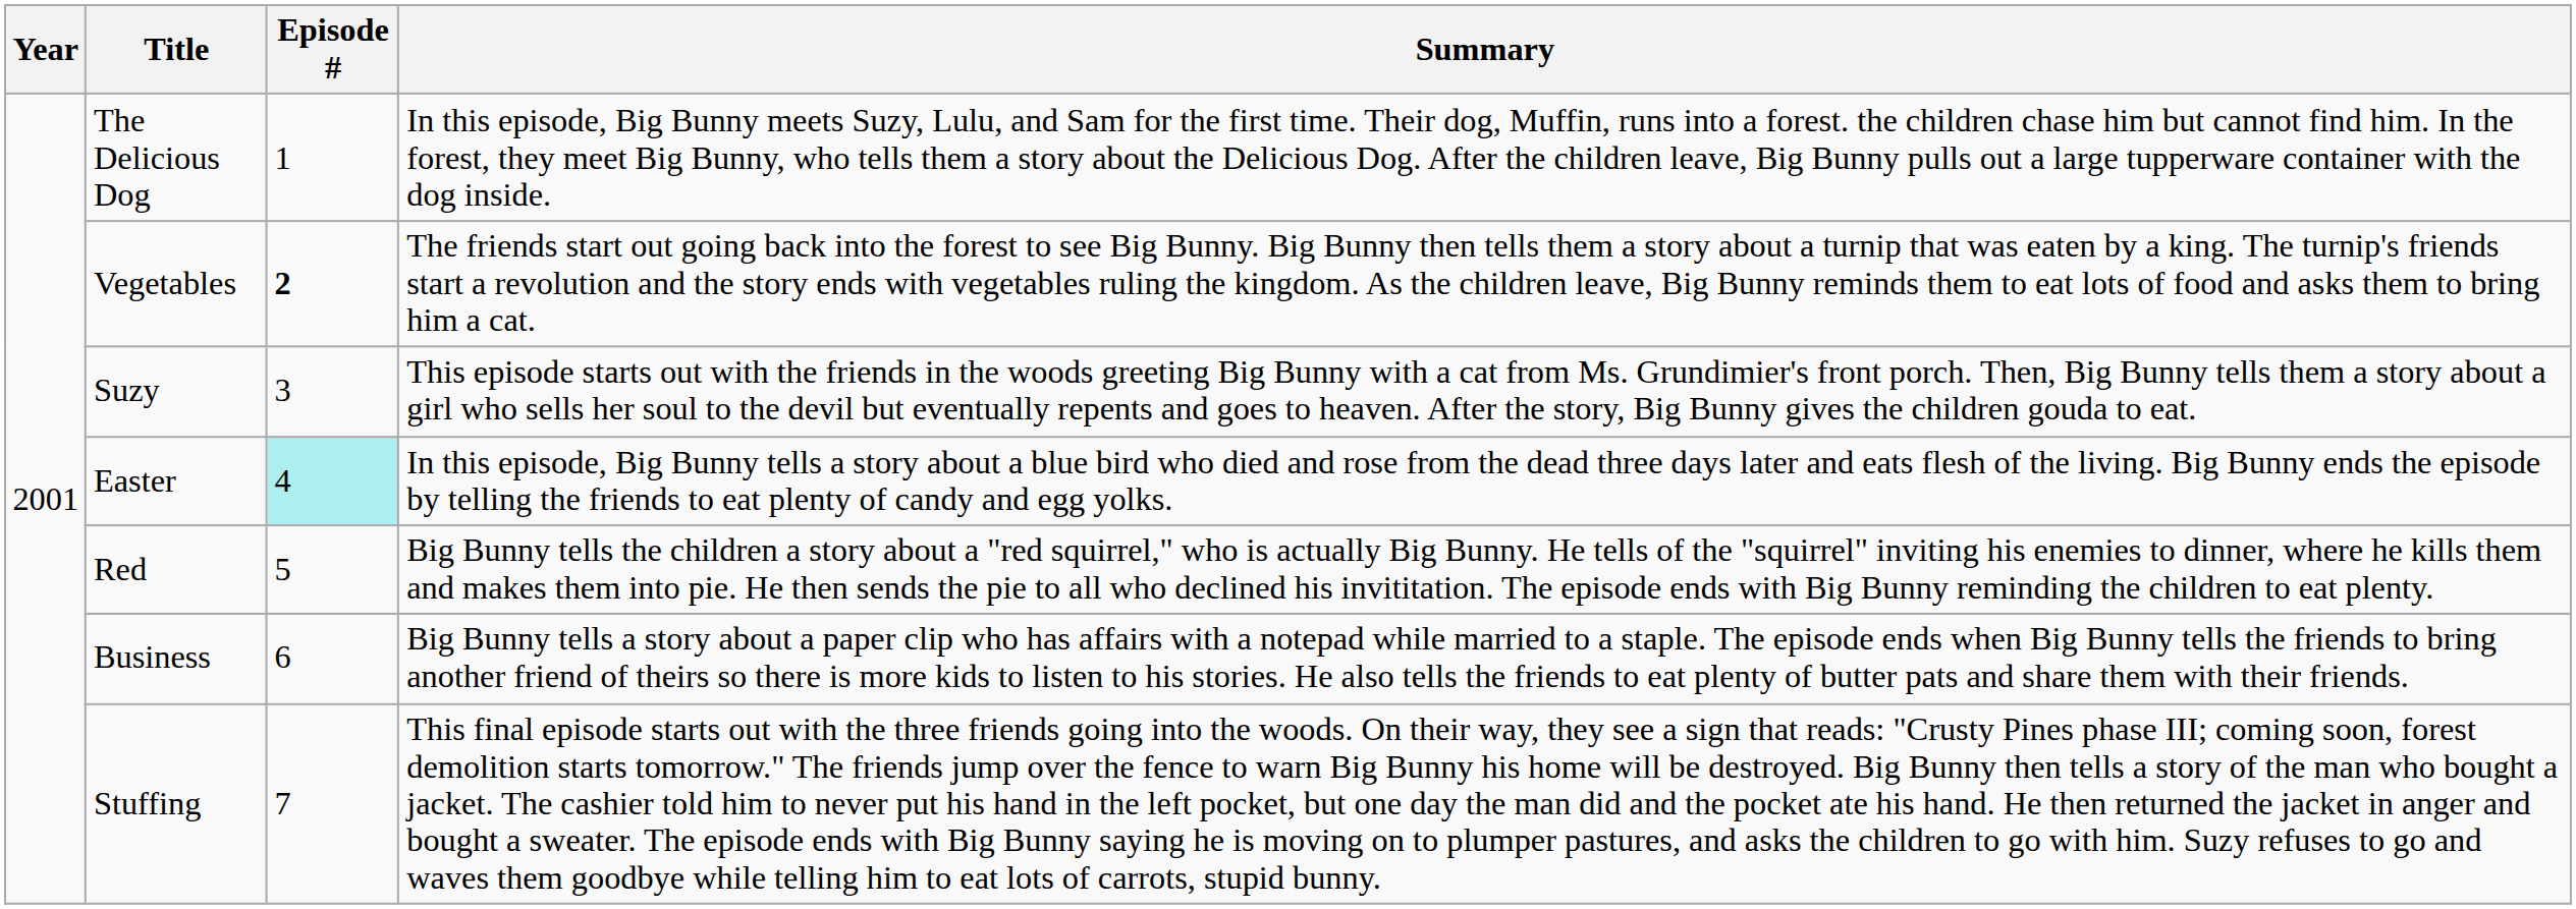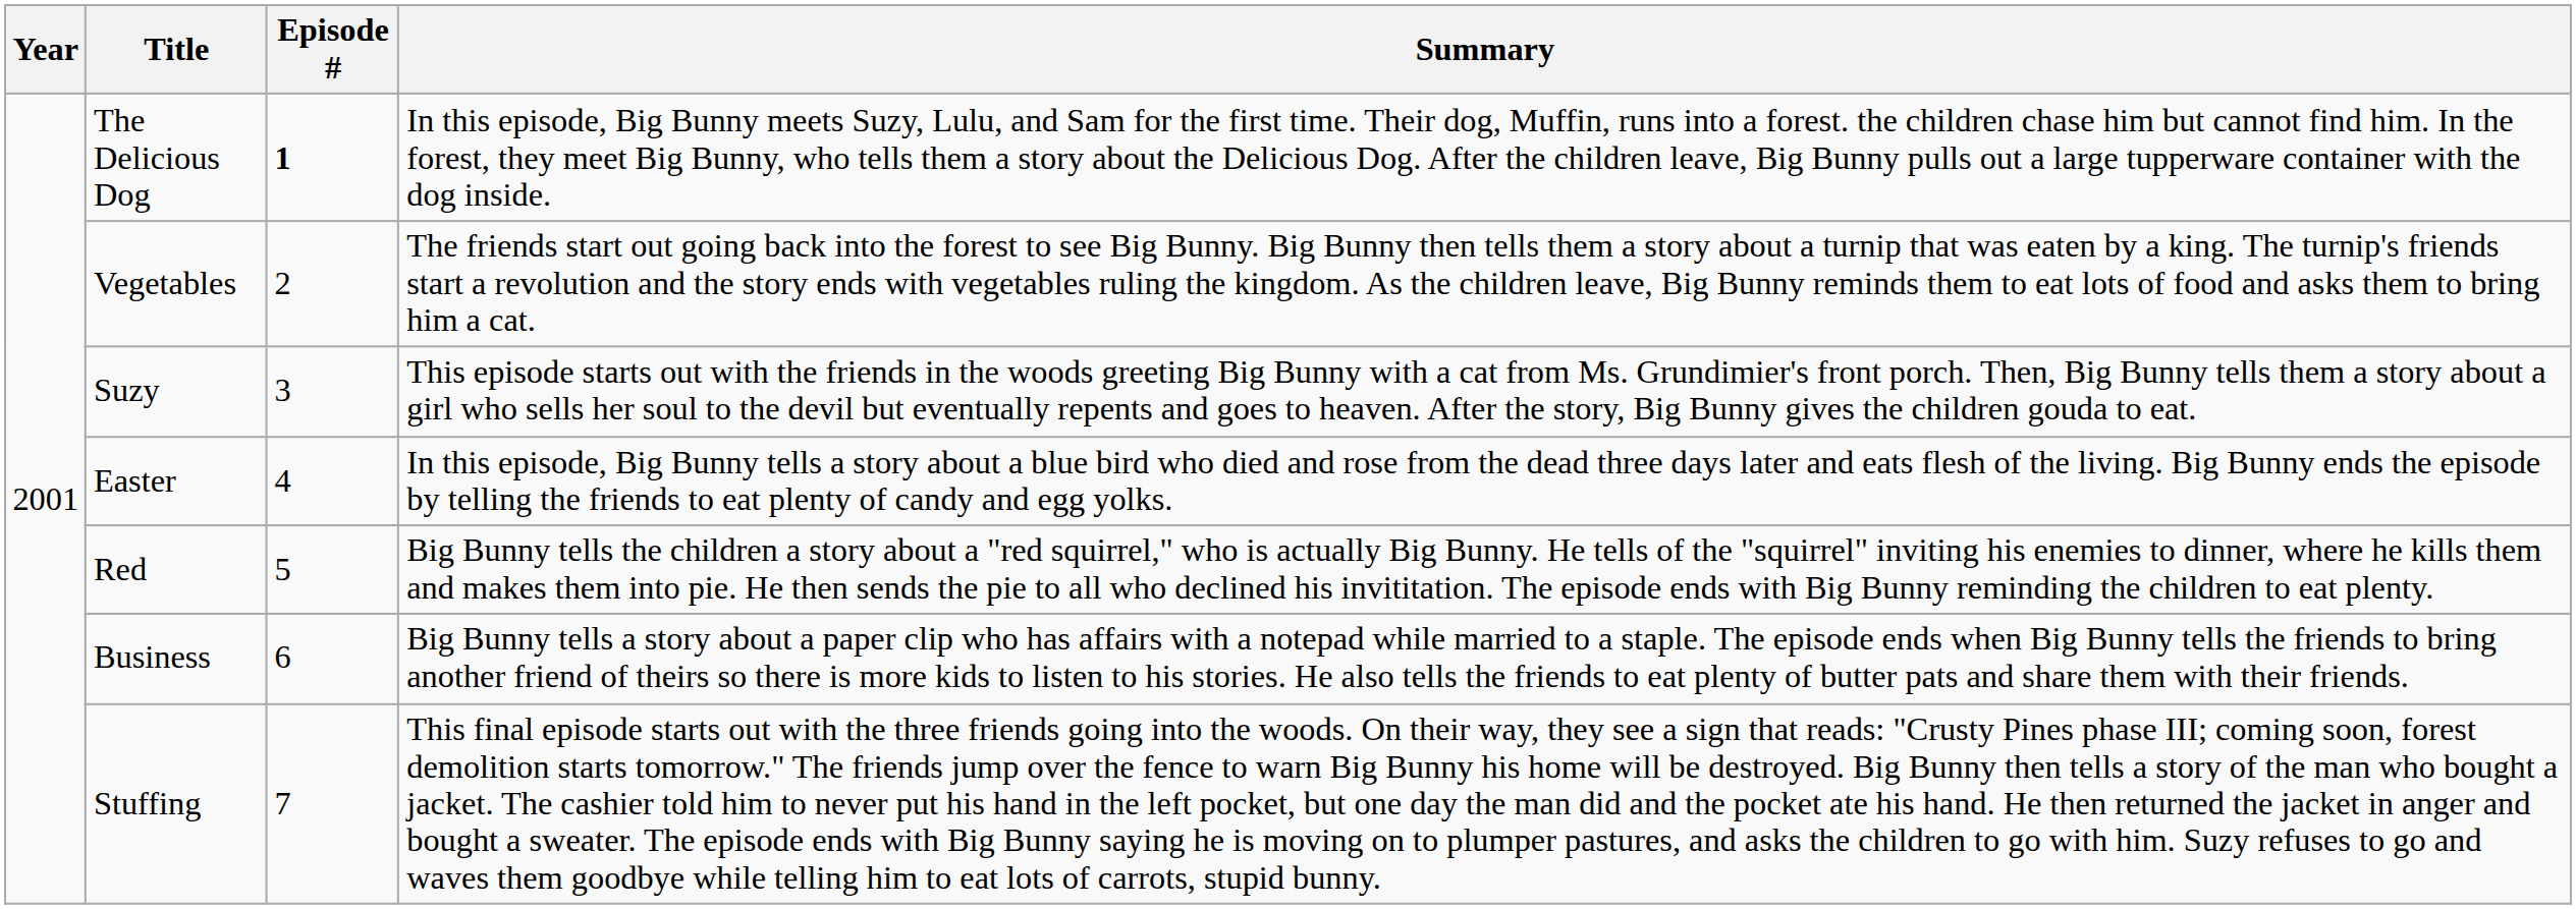 <table class="wikitable">
 <tr>
 <th>Year</th>
 <th>Title</th>
 <th>Episode #</th>
 <th>Summary</th>
 </tr>
 <tr>
 <td rowspan="7">2001</td>
 <td>The Delicious Dog</td>
-<td>1</td>
+<td><strong>1</strong></td>
 <td>In this episode, Big Bunny meets Suzy, Lulu, and Sam for the first time. Their dog, Muffin, runs into a forest. the children chase him but cannot find him. In the forest, they meet Big Bunny, who tells them a story about the Delicious Dog. After the children leave, Big Bunny pulls out a large tupperware container with the dog inside.</td>
 </tr>
 <tr>
 <td>Vegetables</td>
-<td><strong>2</strong></td>
+<td>2</td>
 <td>The friends start out going back into the forest to see Big Bunny. Big Bunny then tells them a story about a turnip that was eaten by a king. The turnip's friends start a revolution and the story ends with vegetables ruling the kingdom. As the children leave, Big Bunny reminds them to eat lots of food and asks them to bring him a cat.</td>
 </tr>
 <tr>
 <td>Suzy</td>
 <td>3</td>
 <td>This episode starts out with the friends in the woods greeting Big Bunny with a cat from Ms. Grundimier's front porch. Then, Big Bunny tells them a story about a girl who sells her soul to the devil but eventually repents and goes to heaven. After the story, Big Bunny gives the children gouda to eat.</td>
 </tr>
 <tr>
 <td>Easter</td>
-<td style="background: paleturquoise;">4</td>
+<td>4</td>
 <td>In this episode, Big Bunny tells a story about a blue bird who died and rose from the dead three days later and eats flesh of the living. Big Bunny ends the episode by telling the friends to eat plenty of candy and egg yolks.</td>
 </tr>
 <tr>
 <td>Red</td>
 <td>5</td>
 <td>Big Bunny tells the children a story about a "red squirrel," who is actually Big Bunny. He tells of the "squirrel" inviting his enemies to dinner, where he kills them and makes them into pie. He then sends the pie to all who declined his invititation. The episode ends with Big Bunny reminding the children to eat plenty.</td>
 </tr>
 <tr>
 <td>Business</td>
 <td>6</td>
 <td>Big Bunny tells a story about a paper clip who has affairs with a notepad while married to a staple. The episode ends when Big Bunny tells the friends to bring another friend of theirs so there is more kids to listen to his stories. He also tells the friends to eat plenty of butter pats and share them with their friends.</td>
 </tr>
 <tr>
 <td>Stuffing</td>
 <td>7</td>
 <td>This final episode starts out with the three friends going into the woods. On their way, they see a sign that reads: "Crusty Pines phase III; coming soon, forest demolition starts tomorrow."  The friends jump over the fence to warn Big Bunny his home will be destroyed. Big Bunny then tells a story of the man who bought a jacket. The cashier told him to never put his hand in the left pocket, but one day the man did and the pocket ate his hand. He then returned the jacket in anger and bought a sweater. The episode ends with Big Bunny saying he is moving on to plumper pastures, and asks the children to go with him. Suzy refuses to go and waves them goodbye while telling him to eat lots of carrots, stupid bunny.</td>
 </tr>
 </table>
